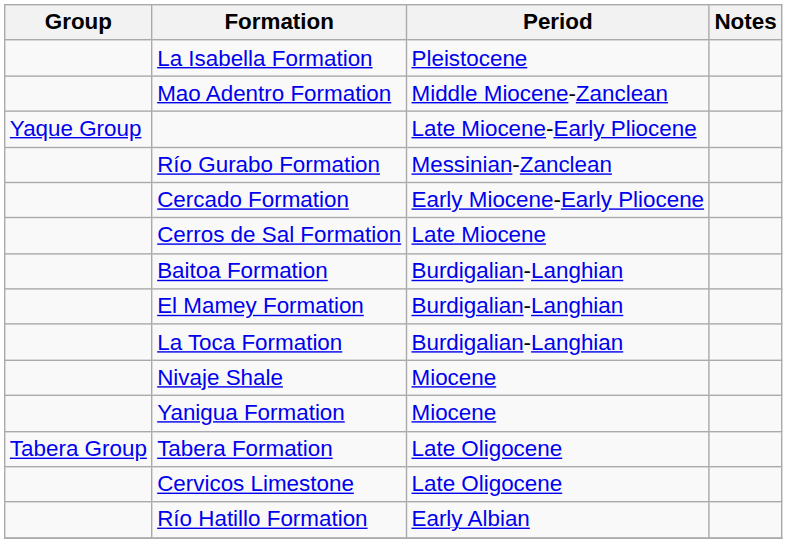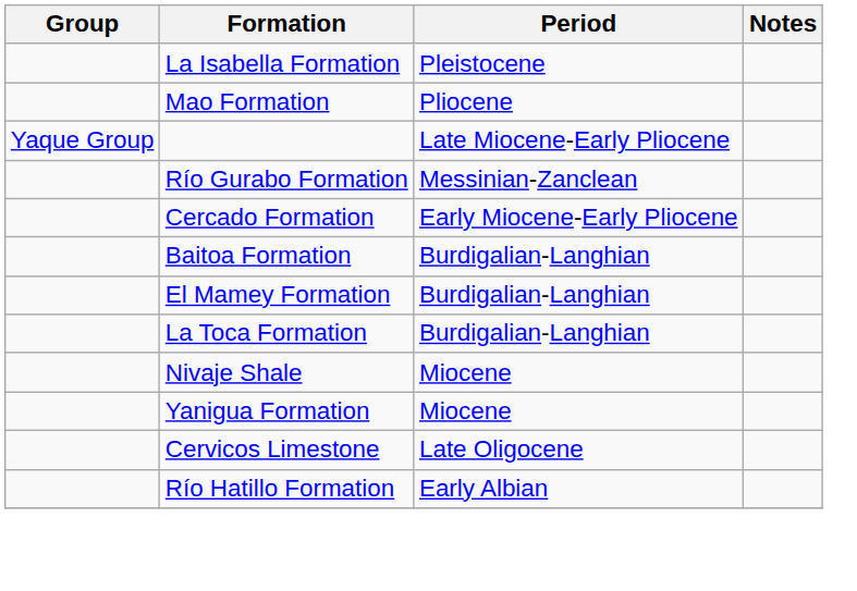 <table class="wikitable sortable">
 <tr>
 <th>Group</th>
 <th>Formation</th>
 <th>Period</th>
 <th class="unsortable">Notes</th>
 </tr>
 <tr>
 <td></td>
 <td><a href='#'>La Isabella Formation</a></td>
 <td style="background-color: "><a href='#'>Pleistocene</a></td>
 <td align=center></td>
 </tr>
 <tr>
 <td></td>
-<td><a href='#'>Mao Adentro Formation</a></td>
-<td style="background-color: "><a href='#'>Middle Miocene</a>-<a href='#'>Zanclean</a></td>
+<td><a href='#'>Mao Formation</a></td>
+<td style="background-color: "><a href='#'>Pliocene</a></td>
 <td align=center></td>
 </tr>
 <tr>
 <td><a href='#'>Yaque Group</a></td>
 <td></td>
 <td style="background-color: "><a href='#'>Late Miocene</a>-<a href='#'>Early Pliocene</a></td>
 <td align=center></td>
 </tr>
 <tr>
 <td></td>
 <td><a href='#'>Río Gurabo Formation</a></td>
 <td style="background-color: "><a href='#'>Messinian</a>-<a href='#'>Zanclean</a></td>
 <td align=center></td>
 </tr>
 <tr>
 <td></td>
 <td><a href='#'>Cercado Formation</a></td>
 <td style="background-color: "><a href='#'>Early Miocene</a>-<a href='#'>Early Pliocene</a></td>
-<td align=center></td>
-</tr>
-<tr>
-<td></td>
-<td><a href='#'>Cerros de Sal Formation</a></td>
-<td style="background-color: "><a href='#'>Late Miocene</a></td>
 <td align=center></td>
 </tr>
 <tr>
 <td></td>
 <td><a href='#'>Baitoa Formation</a></td>
 <td style="background-color: "><a href='#'>Burdigalian</a>-<a href='#'>Langhian</a></td>
 <td align=center></td>
 </tr>
 <tr>
 <td></td>
 <td><a href='#'>El Mamey Formation</a></td>
 <td style="background-color: "><a href='#'>Burdigalian</a>-<a href='#'>Langhian</a></td>
 <td align=center></td>
 </tr>
 <tr>
 <td></td>
 <td><a href='#'>La Toca Formation</a></td>
 <td style="background-color: "><a href='#'>Burdigalian</a>-<a href='#'>Langhian</a></td>
 <td align=center></td>
 </tr>
 <tr>
 <td></td>
 <td><a href='#'>Nivaje Shale</a></td>
 <td style="background-color: "><a href='#'>Miocene</a></td>
 <td align=center></td>
 </tr>
 <tr>
 <td></td>
 <td><a href='#'>Yanigua Formation</a></td>
 <td style="background-color: "><a href='#'>Miocene</a></td>
 <td align=center></td>
 </tr>
 <tr>
-<td><a href='#'>Tabera Group</a></td>
-<td><a href='#'>Tabera Formation</a></td>
-<td style="background-color: "><a href='#'>Late Oligocene</a></td>
-<td align=center></td>
-</tr>
-<tr>
 <td></td>
 <td><a href='#'>Cervicos Limestone</a></td>
 <td style="background-color: "><a href='#'>Late Oligocene</a></td>
 <td align=center></td>
 </tr>
 <tr>
 <td></td>
 <td><a href='#'>Río Hatillo Formation</a></td>
 <td style="background-color: "><a href='#'>Early Albian</a></td>
 <td align=center></td>
 </tr>
 <tr>
 </tr>
 </table>
